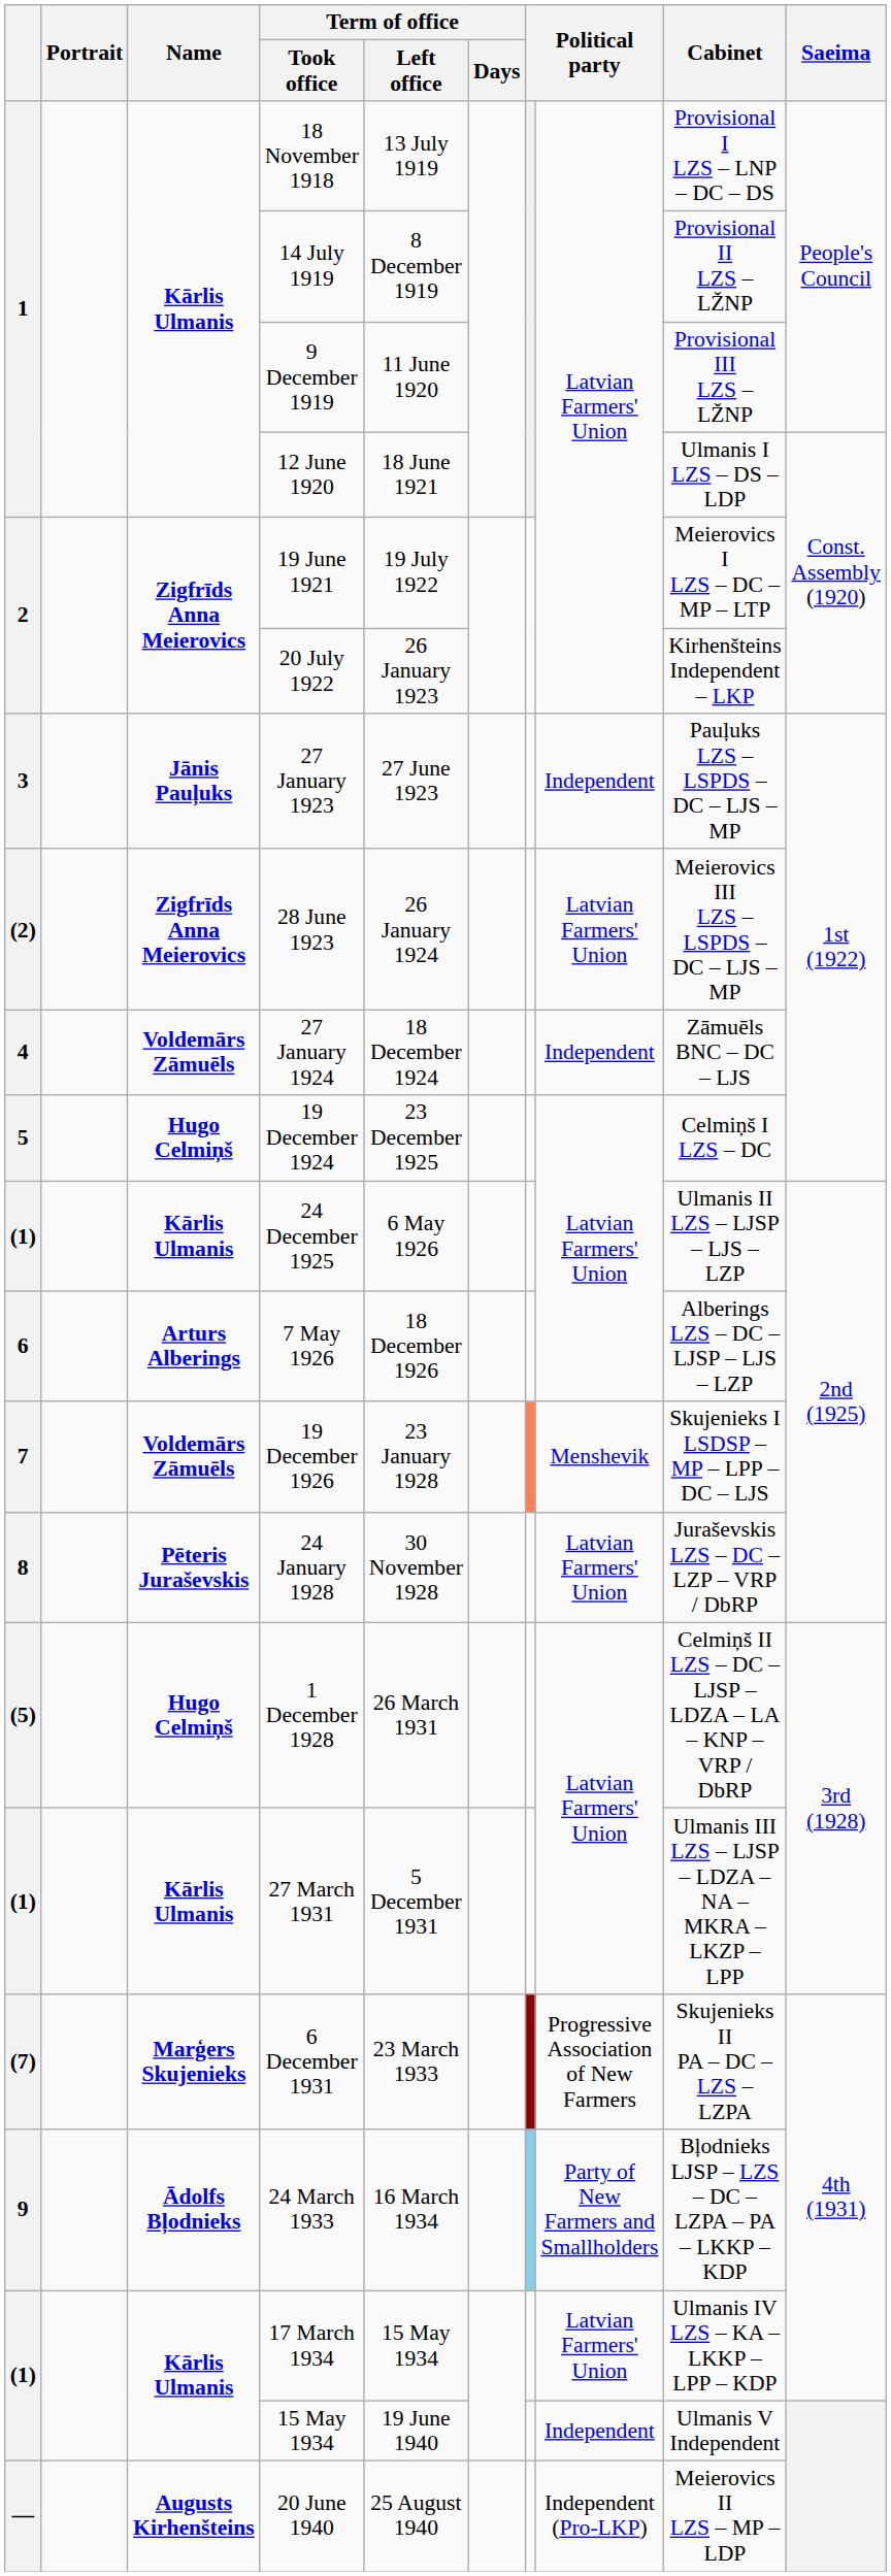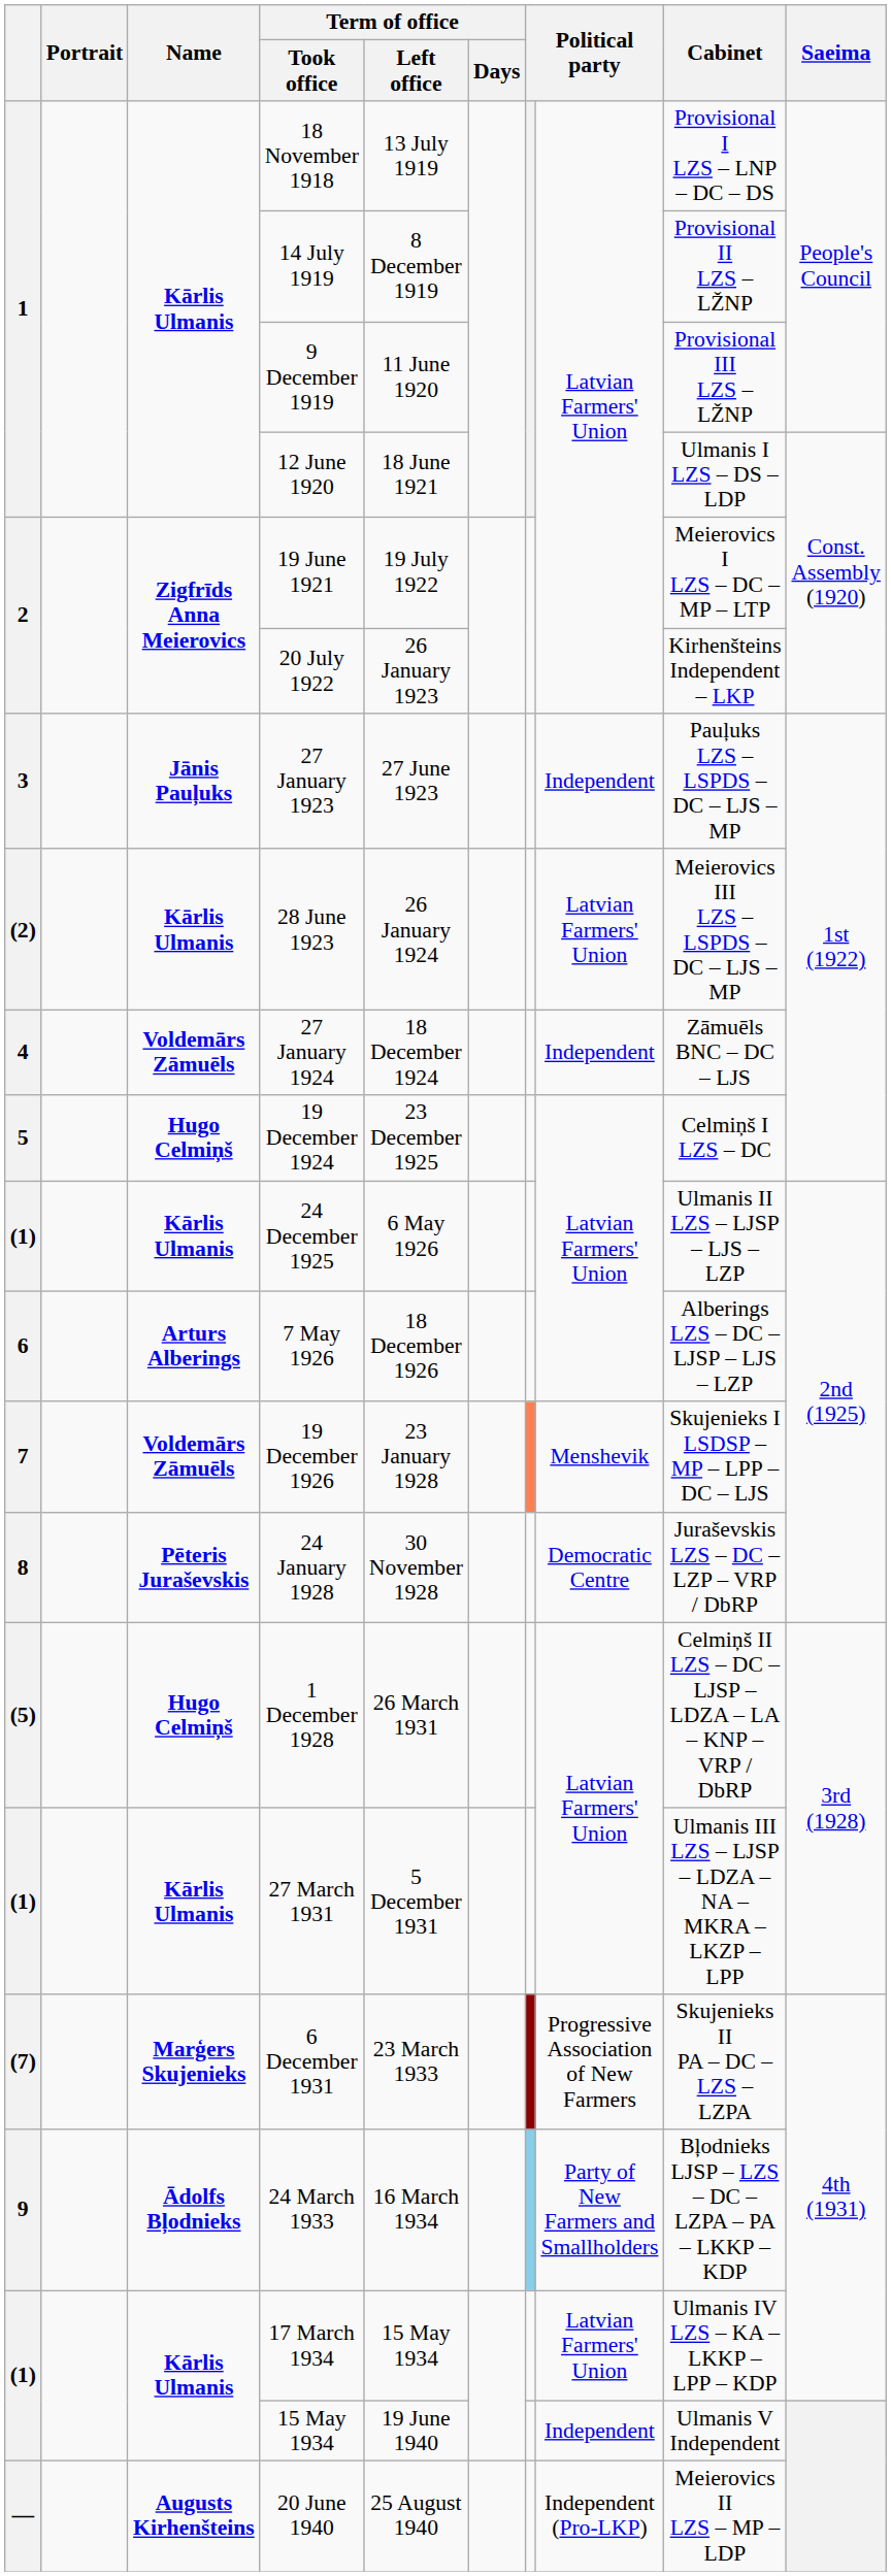 <table class="wikitable" style="text-align:center; width:100%;">
 <tr>
 <th rowspan=2></th>
 <th width=80 rowspan=2>Portrait</th>
 <th rowspan=2>Name<br></th>
 <th colspan=3>Term of office</th>
 <th rowspan=2 colspan=2>Political party</th>
 <th rowspan=2>Cabinet</th>
 <th rowspan=2><a href='#'>Saeima</a></th>
 </tr>
 <tr>
 <th>Took office</th>
 <th>Left office</th>
 <th>Days</th>
 </tr>
 <tr>
 <th rowspan=4>1</th>
 <td rowspan=4></td>
 <td rowspan=4><strong><a href='#'>Kārlis Ulmanis</a></strong><br></td>
 <td>18 November 1918</td>
 <td>13 July 1919</td>
 <td rowspan=4></td>
 <th rowspan=4 style="background:"></th>
 <td rowspan=6><a href='#'>Latvian Farmers' Union</a></td>
 <td><a href='#'>Provisional I</a><br><a href='#'>LZS</a> – LNP – DC – DS</td>
 <td rowspan=3><a href='#'>People's<br>Council</a></td>
 </tr>
 <tr>
 <td>14 July 1919</td>
 <td>8 December 1919</td>
 <td><a href='#'>Provisional II</a><br><a href='#'>LZS</a> – LŽNP<br></td>
 </tr>
 <tr>
 <td>9 December 1919</td>
 <td>11 June 1920</td>
 <td><a href='#'>Provisional III</a><br><a href='#'>LZS</a> – LŽNP<br></td>
 </tr>
 <tr>
 <td>12 June 1920</td>
 <td>18 June 1921</td>
 <td>Ulmanis I<br><a href='#'>LZS</a> – DS – LDP<br></td>
 <td rowspan=3><a href='#'>Const.<br>Assembly</a> (<a href='#'>1920</a>)</td>
 </tr>
 <tr>
 <th rowspan=2>2</th>
 <td rowspan=2></td>
 <td rowspan=2><strong><a href='#'>Zigfrīds Anna Meierovics</a></strong><br></td>
 <td>19 June 1921</td>
 <td>19 July 1922</td>
 <td rowspan=2></td>
 <td rowspan=2; style="background:"></td>
 <td>Meierovics I<br><a href='#'>LZS</a> – DC – MP – LTP<br></td>
 </tr>
 <tr>
 <td>20 July 1922</td>
 <td>26 January 1923</td>
 <td>Kirhenšteins<br>Independent – <a href='#'>LKP</a></td>
 </tr>
 <tr>
 <th>3</th>
 <td></td>
 <td><strong><a href='#'>Jānis Pauļuks</a></strong><br></td>
 <td>27 January 1923</td>
 <td>27 June 1923</td>
 <td></td>
 <td style="background:"></td>
 <td><a href='#'>Independent</a></td>
 <td>Pauļuks<br><a href='#'>LZS</a> – <a href='#'>LSPDS</a> – DC – LJS – MP</td>
 <td rowspan=4><a href='#'>1st (1922)</a></td>
 </tr>
 <tr>
 <th>(2)</th>
 <td></td>
-<td><strong><a href='#'>Zigfrīds Anna Meierovics</a></strong><br></td>
+<td><strong><a href='#'>Kārlis Ulmanis</a></strong><br></td>
 <td>28 June 1923</td>
 <td>26 January 1924</td>
 <td></td>
 <td style="background:"></td>
 <td><a href='#'>Latvian Farmers' Union</a></td>
 <td>Meierovics III<br><a href='#'>LZS</a> – <a href='#'>LSPDS</a> – DC – LJS – MP</td>
 </tr>
 <tr>
 <th>4</th>
 <td></td>
 <td><strong><a href='#'>Voldemārs Zāmuēls</a></strong><br></td>
 <td>27 January 1924</td>
 <td>18 December 1924</td>
 <td></td>
 <td style="background:"></td>
 <td><a href='#'>Independent</a></td>
 <td>Zāmuēls<br>BNC – DC – LJS</td>
 </tr>
 <tr>
 <th>5</th>
 <td></td>
 <td><strong><a href='#'>Hugo Celmiņš</a></strong><br></td>
 <td>19 December 1924</td>
 <td>23 December 1925</td>
 <td></td>
 <td style="background:"></td>
 <td rowspan=3><a href='#'>Latvian Farmers' Union</a></td>
 <td>Celmiņš I<br><a href='#'>LZS</a> – DC<br></td>
 </tr>
 <tr>
 <th>(1)</th>
 <td></td>
 <td><strong><a href='#'>Kārlis Ulmanis</a></strong><br></td>
 <td>24 December 1925</td>
 <td>6 May 1926</td>
 <td></td>
 <td style="background:"></td>
 <td>Ulmanis II<br><a href='#'>LZS</a> – LJSP – LJS – LZP<br></td>
 <td rowspan=4><a href='#'>2nd (1925)</a></td>
 </tr>
 <tr>
 <th>6</th>
 <td></td>
 <td><strong><a href='#'>Arturs Alberings</a></strong><br></td>
 <td>7 May 1926</td>
 <td>18 December 1926</td>
 <td></td>
 <td style="background:"></td>
 <td>Alberings<br><a href='#'>LZS</a> – DC – LJSP – LJS – LZP</td>
 </tr>
 <tr>
 <th>7</th>
 <td></td>
 <td><strong><a href='#'>Voldemārs Zāmuēls</a></strong><br></td>
 <td>19 December 1926</td>
 <td>23 January 1928</td>
 <td></td>
 <td style="background:coral;"></td>
 <td><a href='#'>Menshevik</a></td>
 <td>Skujenieks I<br><a href='#'>LSDSP</a> – <a href='#'>MP</a> – LPP – DC – LJS<br></td>
 </tr>
 <tr>
 <th>8</th>
 <td></td>
 <td><strong><a href='#'>Pēteris Juraševskis</a></strong><br></td>
 <td>24 January 1928</td>
 <td>30 November 1928</td>
 <td></td>
 <td style="background:"></td>
-<td><a href='#'>Latvian Farmers' Union</a></td>
+<td><a href='#'>Democratic Centre</a></td>
 <td>Juraševskis<br><a href='#'>LZS</a> – <a href='#'>DC</a> – LZP – VRP / DbRP</td>
 </tr>
 <tr>
 <th>(5)</th>
 <td></td>
 <td><strong><a href='#'>Hugo Celmiņš</a></strong><br></td>
 <td>1 December 1928</td>
 <td>26 March 1931</td>
 <td></td>
 <td style="background:"></td>
 <td rowspan=2><a href='#'>Latvian Farmers' Union</a></td>
 <td>Celmiņš II<br><a href='#'>LZS</a> – DC – LJSP – LDZA – LA – KNP – VRP / DbRP<br></td>
 <td rowspan=2><a href='#'>3rd (1928)</a></td>
 </tr>
 <tr>
 <th>(1)</th>
 <td></td>
 <td><strong><a href='#'>Kārlis Ulmanis</a></strong><br></td>
 <td>27 March 1931</td>
 <td>5 December 1931</td>
 <td></td>
 <td style="background:"></td>
 <td>Ulmanis III<br><a href='#'>LZS</a> – LJSP – LDZA – NA – MKRA – LKZP – LPP</td>
 </tr>
 <tr>
 <th>(7)</th>
 <td></td>
 <td><strong><a href='#'>Marģers Skujenieks</a></strong><br></td>
 <td>6 December 1931</td>
 <td>23 March 1933</td>
 <td></td>
 <td style="background:darkred;"></td>
 <td>Progressive Association of New Farmers</td>
 <td>Skujenieks II<br>PA – DC – <a href='#'>LZS</a> – LZPA<br></td>
 <td rowspan=3><a href='#'>4th (1931)</a></td>
 </tr>
 <tr>
 <th>9</th>
 <td></td>
 <td><strong><a href='#'>Ādolfs Bļodnieks</a></strong><br></td>
 <td>24 March 1933</td>
 <td>16 March 1934</td>
 <td></td>
 <td style="background:skyblue"></td>
 <td><a href='#'>Party of New Farmers and Smallholders</a></td>
 <td>Bļodnieks<br>LJSP – <a href='#'>LZS</a> – DC – LZPA – PA – LKKP – KDP<br></td>
 </tr>
 <tr>
 <th rowspan=2>(1)</th>
 <td rowspan=2></td>
 <td rowspan=2><strong><a href='#'>Kārlis Ulmanis</a></strong><br></td>
 <td>17 March 1934</td>
 <td>15 May 1934</td>
 <td rowspan=2></td>
 <td style="background:"></td>
 <td><a href='#'>Latvian Farmers' Union</a></td>
 <td>Ulmanis IV<br><a href='#'>LZS</a> – KA – LKKP – LPP – KDP</td>
 </tr>
 <tr>
 <td>15 May 1934</td>
 <td>19 June 1940</td>
 <td style="background:"></td>
 <td><a href='#'>Independent</a></td>
 <td>Ulmanis V<br>Independent</td>
 <th rowspan=2></th>
 </tr>
 <tr>
 <th>—</th>
 <td></td>
 <td><strong><a href='#'>Augusts Kirhenšteins</a></strong><br></td>
 <td>20 June 1940</td>
 <td>25 August 1940</td>
 <td></td>
 <td style="background:"></td>
 <td>Independent<br>(<a href='#'>Pro-LKP</a>)</td>
 <td>Meierovics II<br><a href='#'>LZS</a> – MP – LDP</td>
 </tr>
 </table>
